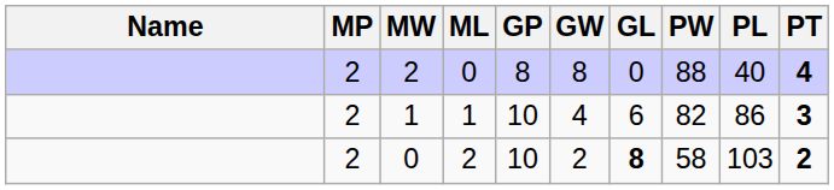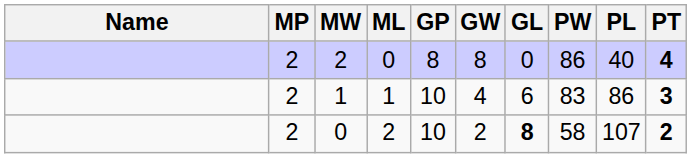 <table class=wikitable style="text-align:center">
 <tr>
 <th width=175>Name</th>
 <th width=20>MP</th>
 <th width=20>MW</th>
 <th width=20>ML</th>
 <th width=20>GP</th>
 <th width=20>GW</th>
 <th width=20>GL</th>
 <th width=20>PW</th>
 <th width=20>PL</th>
 <th width=20>PT</th>
 </tr>
 <tr style="background-color:#ccccff">
 <td style="text-align:left;"><strong></strong></td>
 <td>2</td>
 <td>2</td>
 <td>0</td>
 <td>8</td>
 <td>8</td>
 <td>0</td>
-<td>88</td>
+<td>86</td>
 <td>40</td>
 <td><strong>4</strong></td>
 </tr>
 <tr>
 <td style="text-align:left;"></td>
 <td>2</td>
 <td>1</td>
 <td>1</td>
 <td>10</td>
 <td>4</td>
 <td>6</td>
-<td>82</td>
+<td>83</td>
 <td>86</td>
 <td><strong>3</strong></td>
 </tr>
 <tr>
 <td style="text-align:left;"></td>
 <td>2</td>
 <td>0</td>
 <td>2</td>
 <td>10</td>
 <td>2</td>
 <td><strong>8</strong></td>
 <td>58</td>
-<td>103</td>
+<td>107</td>
 <td><strong>2</strong></td>
 </tr>
 </table>
